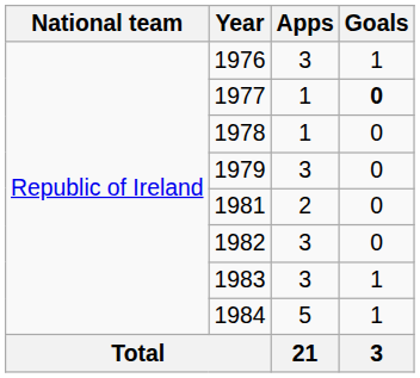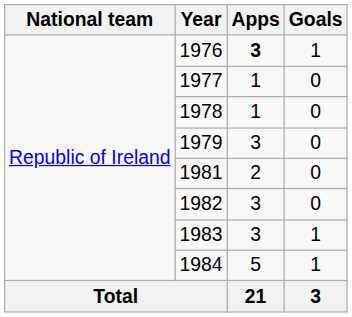 <table class=wikitable style=text-align:center>
 <tr>
 <th>National team</th>
 <th>Year</th>
 <th>Apps</th>
 <th>Goals</th>
 </tr>
 <tr>
 <td rowspan="8"><a href='#'>Republic of Ireland</a></td>
 <td>1976</td>
-<td>3</td>
+<td><strong>3</strong></td>
 <td>1</td>
 </tr>
 <tr>
 <td>1977</td>
 <td>1</td>
-<td><strong>0</strong></td>
+<td>0</td>
 </tr>
 <tr>
 <td>1978</td>
 <td>1</td>
 <td>0</td>
 </tr>
 <tr>
 <td>1979</td>
 <td>3</td>
 <td>0</td>
 </tr>
 <tr>
 <td>1981</td>
 <td>2</td>
 <td>0</td>
 </tr>
 <tr>
 <td>1982</td>
 <td>3</td>
 <td>0</td>
 </tr>
 <tr>
 <td>1983</td>
 <td>3</td>
 <td>1</td>
 </tr>
 <tr>
 <td>1984</td>
 <td>5</td>
 <td>1</td>
 </tr>
 <tr>
 <th colspan="2">Total</th>
 <th>21</th>
 <th>3</th>
 </tr>
 </table>
